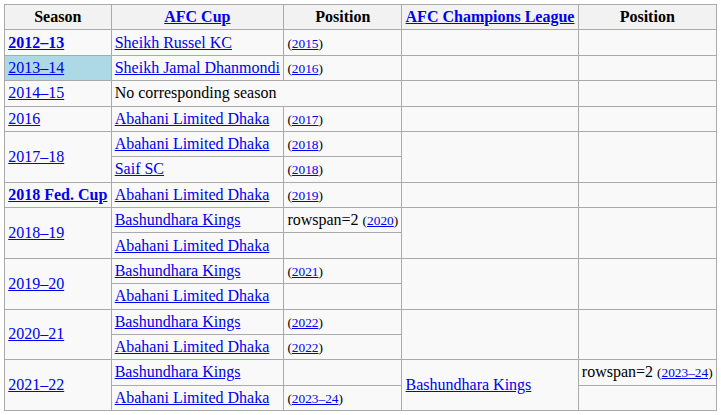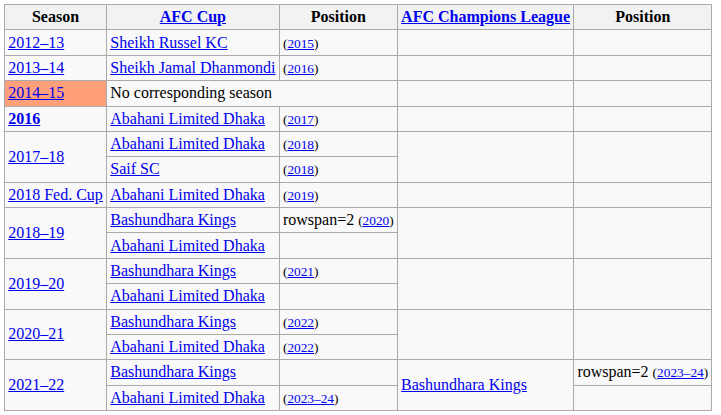 <table class="wikitable sortable">
 <tr>
 <th>Season</th>
 <th><a href='#'>AFC Cup</a></th>
 <th>Position</th>
 <th><a href='#'>AFC Champions League</a></th>
 <th>Position</th>
 </tr>
 <tr>
-<td><strong><a href='#'>2012–13</a></strong></td>
+<td><a href='#'>2012–13</a></td>
 <td><a href='#'>Sheikh Russel KC</a></td>
 <td> <small>(<a href='#'>2015</a>)</small></td>
 <td></td>
 <td></td>
 </tr>
 <tr>
-<td style="background: lightblue;"><a href='#'>2013–14</a></td>
+<td><a href='#'>2013–14</a></td>
 <td><a href='#'>Sheikh Jamal Dhanmondi</a></td>
 <td> <small>(<a href='#'>2016</a>)</small></td>
 <td></td>
 <td></td>
 </tr>
 <tr>
-<td><a href='#'>2014–15</a></td>
+<td style="background: lightsalmon;"><a href='#'>2014–15</a></td>
 <td colspan=2>No corresponding season</td>
 <td></td>
 <td></td>
 </tr>
 <tr>
-<td><a href='#'>2016</a></td>
+<td><strong><a href='#'>2016</a></strong></td>
 <td><a href='#'>Abahani Limited Dhaka</a></td>
 <td> <small>(<a href='#'>2017</a>)</small></td>
 <td></td>
 <td></td>
 </tr>
 <tr>
 <td rowspan=2><a href='#'>2017–18</a></td>
 <td><a href='#'>Abahani Limited Dhaka</a></td>
 <td> <small>(<a href='#'>2018</a>)</small></td>
 <td rowspan=2></td>
 <td rowspan=2></td>
 </tr>
 <tr>
 <td><a href='#'>Saif SC</a></td>
 <td> <small>(<a href='#'>2018</a>)</small></td>
 </tr>
 <tr>
-<td><strong><a href='#'>2018 Fed. Cup</a></strong></td>
+<td><a href='#'>2018 Fed. Cup</a></td>
 <td><a href='#'>Abahani Limited Dhaka</a></td>
 <td> <small>(<a href='#'>2019</a>)</small></td>
 <td></td>
 <td></td>
 </tr>
 <tr>
 <td rowspan=2><a href='#'>2018–19</a></td>
 <td><a href='#'>Bashundhara Kings</a></td>
 <td>rowspan=2  <small>(<a href='#'>2020</a>)</small></td>
 <td rowspan=2></td>
 <td rowspan=2></td>
 </tr>
 <tr>
 <td><a href='#'>Abahani Limited Dhaka</a></td>
 </tr>
 <tr>
 <td rowspan=2><a href='#'>2019–20</a></td>
 <td><a href='#'>Bashundhara Kings</a></td>
 <td> <small>(<a href='#'>2021</a>)</small></td>
 <td rowspan=2></td>
 <td rowspan=2></td>
 </tr>
 <tr>
 <td><a href='#'>Abahani Limited Dhaka</a></td>
 <td></td>
 </tr>
 <tr>
 <td rowspan=2><a href='#'>2020–21</a></td>
 <td><a href='#'>Bashundhara Kings</a></td>
 <td> <small>(<a href='#'>2022</a>)</small></td>
 <td rowspan=2></td>
 <td rowspan=2></td>
 </tr>
 <tr>
 <td><a href='#'>Abahani Limited Dhaka</a></td>
 <td> <small>(<a href='#'>2022</a>)</small></td>
 </tr>
 <tr>
 <td rowspan=2><a href='#'>2021–22</a></td>
 <td><a href='#'>Bashundhara Kings</a></td>
 <td></td>
 <td rowspan=2><a href='#'>Bashundhara Kings</a></td>
 <td>rowspan=2  <small>(<a href='#'>2023–24</a>)</small></td>
 </tr>
 <tr>
 <td><a href='#'>Abahani Limited Dhaka</a></td>
 <td> <small>(<a href='#'>2023–24</a>)</small></td>
 </tr>
 </table>
